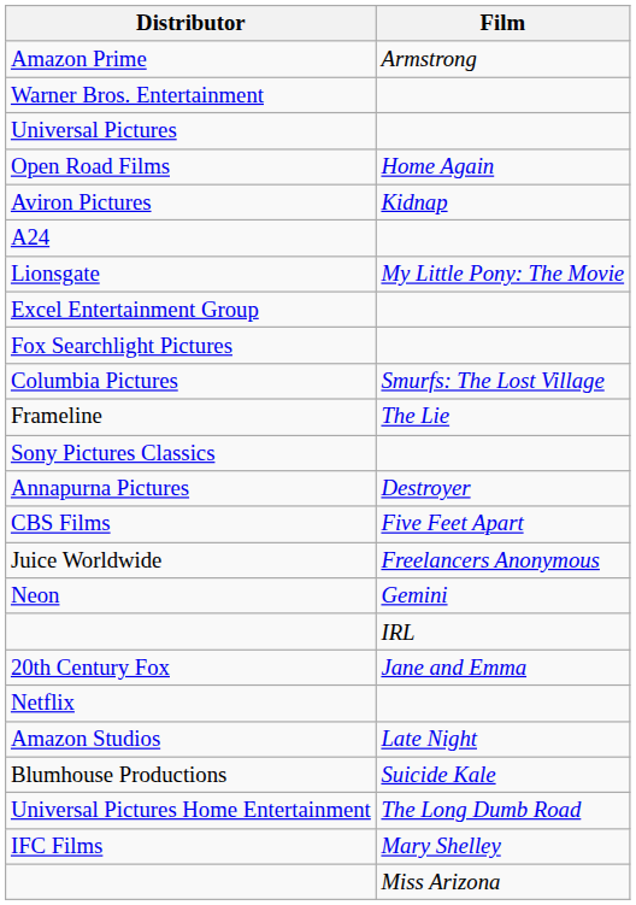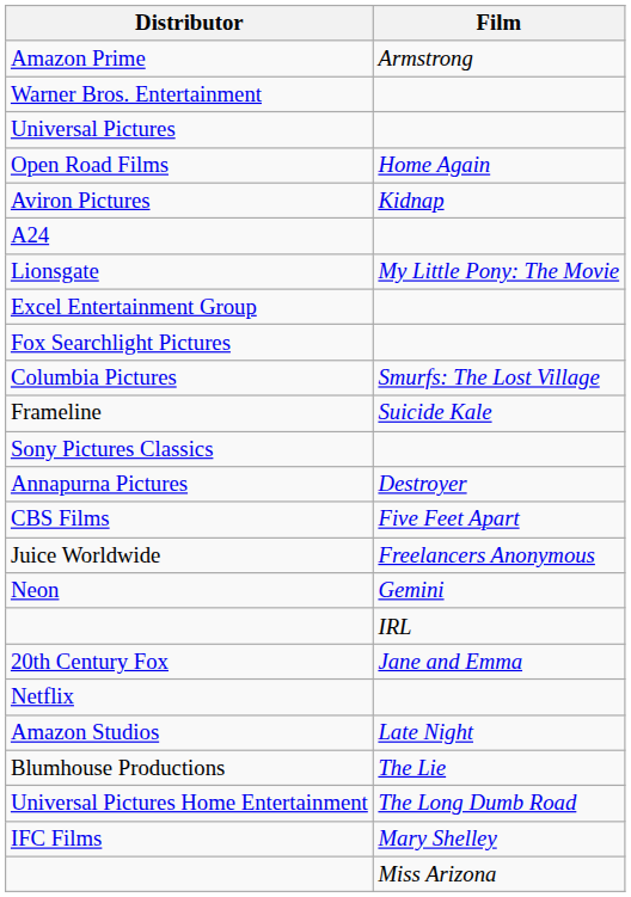 <table class="wikitable">
 <tr>
 <th>Distributor</th>
 <th>Film</th>
 </tr>
 <tr>
 <td><a href='#'>Amazon Prime</a></td>
 <td><em>Armstrong</em></td>
 </tr>
 <tr>
 <td><a href='#'>Warner Bros. Entertainment</a></td>
 <td></td>
 </tr>
 <tr>
 <td><a href='#'>Universal Pictures</a></td>
 <td></td>
 </tr>
 <tr>
 <td><a href='#'>Open Road Films</a></td>
 <td><a href='#'><em>Home Again</em></a></td>
 </tr>
 <tr>
 <td><a href='#'>Aviron Pictures</a></td>
 <td><a href='#'><em>Kidnap</em></a></td>
 </tr>
 <tr>
 <td><a href='#'>A24</a></td>
 <td></td>
 </tr>
 <tr>
 <td><a href='#'>Lionsgate</a></td>
 <td><a href='#'><em>My Little Pony: The Movie</em></a></td>
 </tr>
 <tr>
 <td><a href='#'>Excel Entertainment Group</a></td>
 <td></td>
 </tr>
 <tr>
 <td><a href='#'>Fox Searchlight Pictures</a></td>
 <td></td>
 </tr>
 <tr>
 <td><a href='#'>Columbia Pictures</a></td>
 <td><em><a href='#'>Smurfs: The Lost Village</a></em></td>
 </tr>
 <tr>
 <td>Frameline</td>
-<td><em><a href='#'>The Lie</a></em></td>
+<td><em><a href='#'>Suicide Kale</a></em></td>
 </tr>
 <tr>
 <td><a href='#'>Sony Pictures Classics</a></td>
 <td></td>
 </tr>
 <tr>
 <td><a href='#'>Annapurna Pictures</a></td>
 <td><a href='#'><em>Destroyer</em></a></td>
 </tr>
 <tr>
 <td><a href='#'>CBS Films</a></td>
 <td><em><a href='#'>Five Feet Apart</a></em></td>
 </tr>
 <tr>
 <td>Juice Worldwide</td>
 <td><em><a href='#'>Freelancers Anonymous</a></em></td>
 </tr>
 <tr>
 <td><a href='#'>Neon</a></td>
 <td><em><a href='#'>Gemini</a></em></td>
 </tr>
 <tr>
 <td></td>
 <td><em>IRL</em></td>
 </tr>
 <tr>
 <td><a href='#'>20th Century Fox</a></td>
 <td><em><a href='#'>Jane and Emma</a></em></td>
 </tr>
 <tr>
 <td><a href='#'>Netflix</a></td>
 <td></td>
 </tr>
 <tr>
 <td><a href='#'>Amazon Studios</a></td>
 <td><em><a href='#'>Late Night</a></em></td>
 </tr>
 <tr>
 <td>Blumhouse Productions</td>
-<td><em><a href='#'>Suicide Kale</a></em></td>
+<td><em><a href='#'>The Lie</a></em></td>
 </tr>
 <tr>
 <td><a href='#'>Universal Pictures Home Entertainment</a></td>
 <td><em><a href='#'>The Long Dumb Road</a></em></td>
 </tr>
 <tr>
 <td><a href='#'>IFC Films</a></td>
 <td><em><a href='#'>Mary Shelley</a></em></td>
 </tr>
 <tr>
 <td></td>
 <td><em>Miss Arizona</em></td>
 </tr>
 </table>
